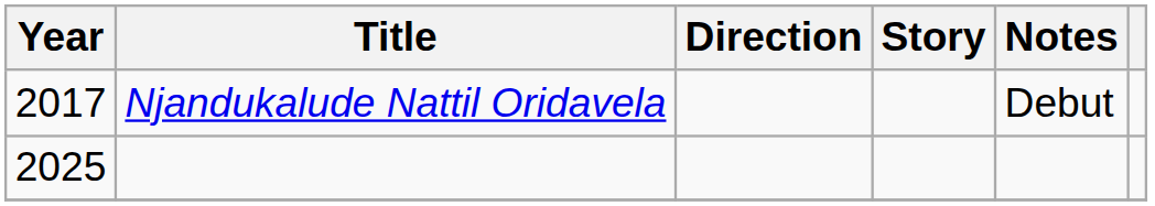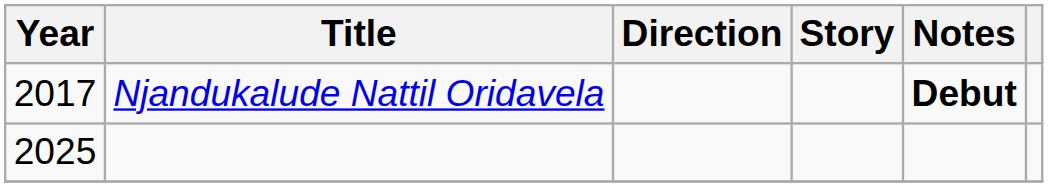 <table class="wikitable sortable">
 <tr>
 <th>Year</th>
 <th>Title</th>
 <th>Direction</th>
 <th>Story</th>
 <th>Notes</th>
 <th></th>
 </tr>
 <tr>
 <td>2017</td>
 <td><em><a href='#'>Njandukalude Nattil Oridavela</a></em></td>
 <td></td>
 <td></td>
-<td>Debut</td>
+<td><strong>Debut</strong></td>
 <td></td>
 </tr>
 <tr>
 <td>2025</td>
 <td></td>
 <td></td>
 <td></td>
 <td></td>
 <td></td>
 </tr>
 <tr>
 </tr>
 </table>
